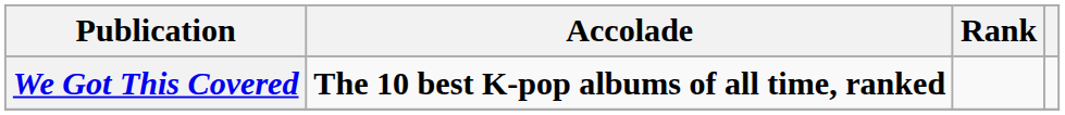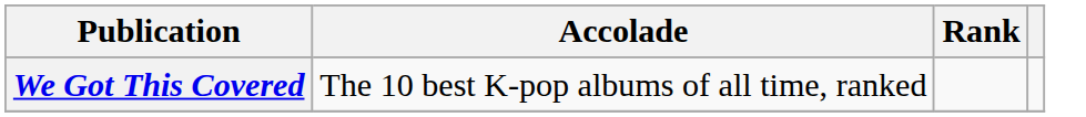 <table class="wikitable sortable plainrowheaders">
 <tr>
 <th scope="col">Publication</th>
 <th scope="col">Accolade</th>
 <th scope="col">Rank</th>
 <th scope="col" class="unsortable"></th>
 </tr>
 <tr>
 <th scope="row"><em><a href='#'>We Got This Covered</a></em></th>
-<td><strong>The 10 best K-pop albums of all time, ranked</strong></td>
+<td>The 10 best K-pop albums of all time, ranked</td>
 <td></td>
 <td></td>
 </tr>
 <tr>
 </tr>
 </table>
